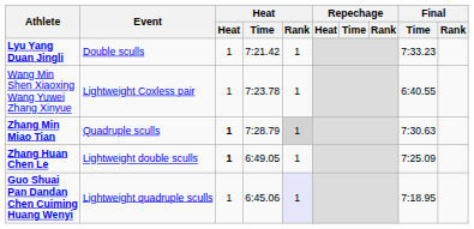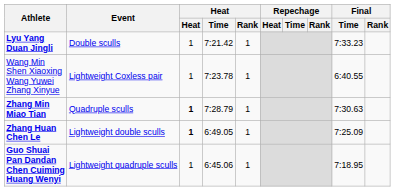 <table class="wikitable"style="text-align:center; font-size:90%">
 <tr>
 <th rowspan="2">Athlete</th>
 <th rowspan="2">Event</th>
 <th colspan="3">Heat</th>
 <th colspan="3">Repechage</th>
 <th colspan="2">Final</th>
 </tr>
 <tr>
 <th>Heat</th>
 <th>Time</th>
 <th>Rank</th>
 <th>Heat</th>
 <th>Time</th>
 <th>Rank</th>
 <th>Time</th>
 <th>Rank</th>
 </tr>
 <tr>
 <td align="left"><strong><a href='#'>Lyu Yang</a><br><a href='#'>Duan Jingli</a></strong></td>
 <td align="left"><a href='#'>Double sculls</a></td>
 <td>1</td>
 <td>7:21.42</td>
 <td>1 <strong></strong></td>
 <td colspan="3" style="background:#dcdcdc;"></td>
 <td>7:33.23</td>
 <td align=center></td>
 </tr>
 <tr>
 <td align="left"><a href='#'>Wang Min</a><br><a href='#'>Shen Xiaoxing</a><br><a href='#'>Wang Yuwei</a><br><a href='#'>Zhang Xinyue</a></td>
 <td align="left"><a href='#'>Lightweight Coxless pair</a></td>
 <td>1</td>
 <td>7:23.78</td>
 <td>1 <strong></strong></td>
 <td colspan="3" style="background:#dcdcdc;"></td>
 <td>6:40.55</td>
 <td align=center></td>
 </tr>
 <tr>
 <td align="left"><strong><a href='#'>Zhang Min</a><br><a href='#'>Miao Tian</a></strong></td>
 <td align="left"><a href='#'>Quadruple sculls</a></td>
 <td><strong>1</strong></td>
 <td>7:28.79</td>
-<td style="background: lightgrey;">1 <strong></strong></td>
+<td>1 <strong></strong></td>
 <td colspan="3" style="background:#dcdcdc;"></td>
 <td>7:30.63</td>
 <td align=center></td>
 </tr>
 <tr>
 <td align="left"><strong><a href='#'>Zhang Huan</a><br><a href='#'>Chen Le</a></strong></td>
 <td align="left"><a href='#'>Lightweight double sculls</a></td>
 <td><strong>1</strong></td>
 <td>6:49.05</td>
 <td>1 <strong></strong></td>
 <td colspan="3" style="background:#dcdcdc;"></td>
 <td>7:25.09</td>
 <td align=center></td>
 </tr>
 <tr>
 <td align="left"><strong><a href='#'>Guo Shuai</a><br><a href='#'>Pan Dandan</a><br><a href='#'>Chen Cuiming</a><br><a href='#'>Huang Wenyi</a></strong></td>
 <td align="left"><a href='#'>Lightweight quadruple sculls</a></td>
 <td>1</td>
 <td>6:45.06</td>
-<td style="background: lavender;">1<strong></strong></td>
+<td>1<strong></strong></td>
 <td colspan="3" style="background:#dcdcdc;"></td>
 <td>7:18.95</td>
 <td align=center></td>
 </tr>
 </table>
